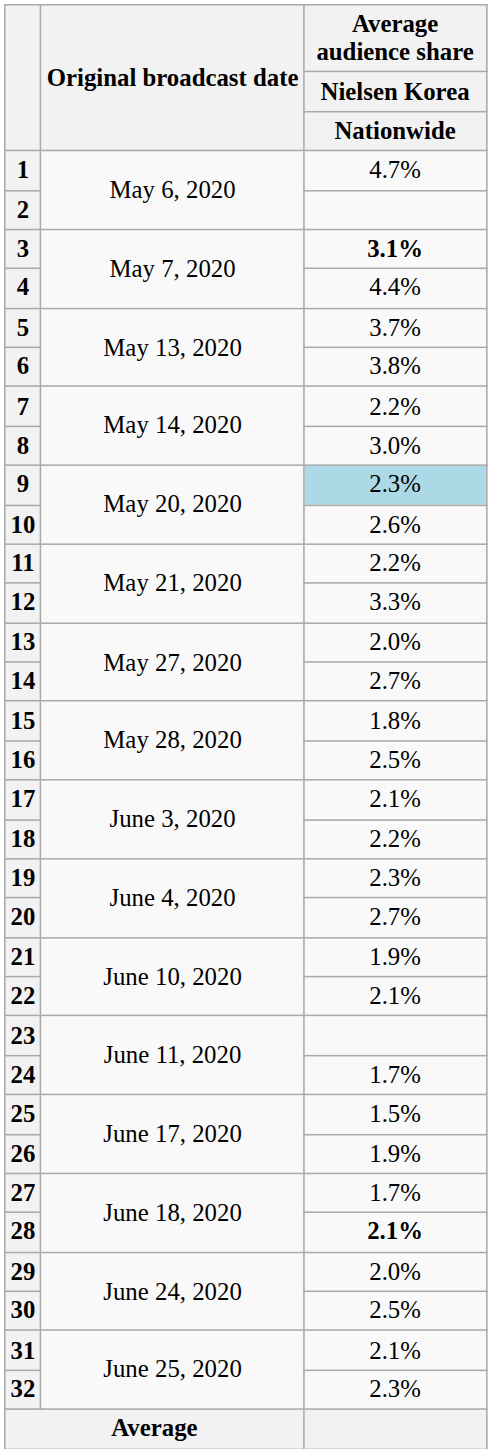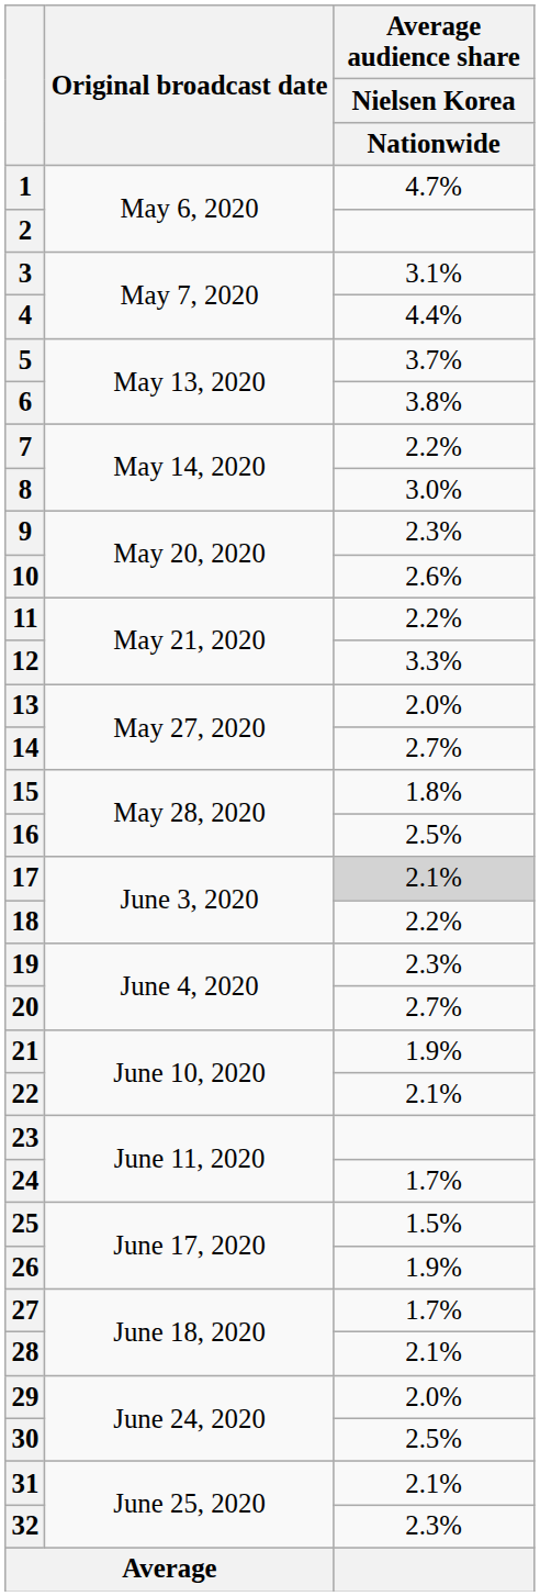 <table class="wikitable" style="text-align:center">
 <tr>
 <th rowspan="3"></th>
 <th rowspan="3">Original broadcast date</th>
 <th colspan="1">Average audience share</th>
 </tr>
 <tr>
 <th>Nielsen Korea</th>
 </tr>
 <tr>
 <th width="110">Nationwide</th>
 </tr>
 <tr>
 <th>1</th>
 <td rowspan="2">May 6, 2020</td>
 <td>4.7%</td>
 </tr>
 <tr>
 <th>2</th>
 <td></td>
 </tr>
 <tr>
 <th>3</th>
 <td rowspan="2">May 7, 2020</td>
-<td><strong>3.1%</strong></td>
+<td>3.1%</td>
 </tr>
 <tr>
 <th>4</th>
 <td>4.4%</td>
 </tr>
 <tr>
 <th>5</th>
 <td rowspan="2">May 13, 2020</td>
 <td>3.7%</td>
 </tr>
 <tr>
 <th>6</th>
 <td>3.8%</td>
 </tr>
 <tr>
 <th>7</th>
 <td rowspan="2">May 14, 2020</td>
 <td>2.2%</td>
 </tr>
 <tr>
 <th>8</th>
 <td>3.0%</td>
 </tr>
 <tr>
 <th>9</th>
 <td rowspan="2">May 20, 2020</td>
-<td style="background: lightblue;">2.3%</td>
+<td>2.3%</td>
 </tr>
 <tr>
 <th>10</th>
 <td>2.6%</td>
 </tr>
 <tr>
 <th>11</th>
 <td rowspan="2">May 21, 2020</td>
 <td>2.2%</td>
 </tr>
 <tr>
 <th>12</th>
 <td>3.3%</td>
 </tr>
 <tr>
 <th>13</th>
 <td rowspan="2">May 27, 2020</td>
 <td>2.0%</td>
 </tr>
 <tr>
 <th>14</th>
 <td>2.7%</td>
 </tr>
 <tr>
 <th>15</th>
 <td rowspan="2">May 28, 2020</td>
 <td>1.8%</td>
 </tr>
 <tr>
 <th>16</th>
 <td>2.5%</td>
 </tr>
 <tr>
 <th>17</th>
 <td rowspan="2">June 3, 2020</td>
-<td>2.1%</td>
+<td style="background: lightgrey;">2.1%</td>
 </tr>
 <tr>
 <th>18</th>
 <td>2.2%</td>
 </tr>
 <tr>
 <th>19</th>
 <td rowspan="2">June 4, 2020</td>
 <td>2.3%</td>
 </tr>
 <tr>
 <th>20</th>
 <td>2.7%</td>
 </tr>
 <tr>
 <th>21</th>
 <td rowspan="2">June 10, 2020</td>
 <td>1.9%</td>
 </tr>
 <tr>
 <th>22</th>
 <td>2.1%</td>
 </tr>
 <tr>
 <th>23</th>
 <td rowspan="2">June 11, 2020</td>
 <td></td>
 </tr>
 <tr>
 <th>24</th>
 <td>1.7%</td>
 </tr>
 <tr>
 <th>25</th>
 <td rowspan="2">June 17, 2020</td>
 <td>1.5%</td>
 </tr>
 <tr>
 <th>26</th>
 <td>1.9%</td>
 </tr>
 <tr>
 <th>27</th>
 <td rowspan="2">June 18, 2020</td>
 <td>1.7%</td>
 </tr>
 <tr>
 <th>28</th>
-<td><strong>2.1%</strong></td>
+<td>2.1%</td>
 </tr>
 <tr>
 <th>29</th>
 <td rowspan="2">June 24, 2020</td>
 <td>2.0%</td>
 </tr>
 <tr>
 <th>30</th>
 <td>2.5%</td>
 </tr>
 <tr>
 <th>31</th>
 <td rowspan="2">June 25, 2020</td>
 <td>2.1%</td>
 </tr>
 <tr>
 <th>32</th>
 <td>2.3%</td>
 </tr>
 <tr>
 <th colspan="2">Average</th>
 <th></th>
 </tr>
 </table>
